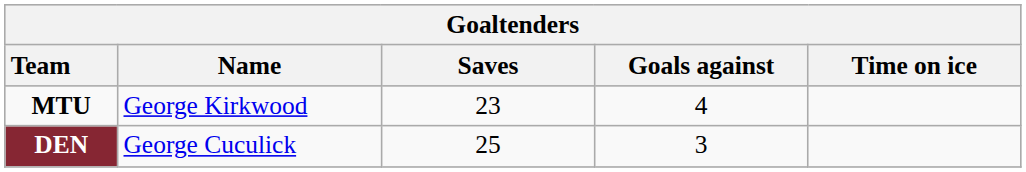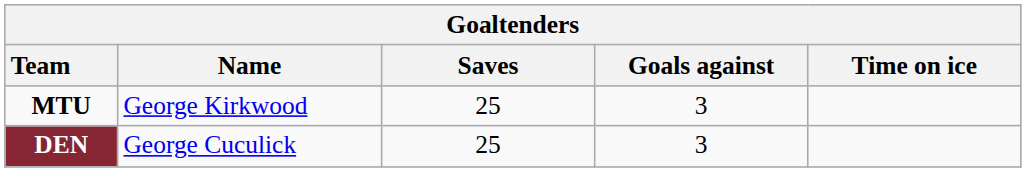 <table class="wikitable" style="width:40em; text-align:right;">
 <tr>
 <th colspan=5>Goaltenders</th>
 </tr>
 <tr>
 <th style="width:4em; text-align:left;">Team</th>
 <th style="width:10em;">Name</th>
 <th style="width:8em;">Saves</th>
 <th style="width:8em;">Goals against</th>
 <th style="width:8em;">Time on ice</th>
 </tr>
 <tr>
 <td align=center><strong>MTU</strong></td>
 <td style="text-align:left;"><a href='#'>George Kirkwood</a></td>
-<td align=center>23</td>
-<td align=center>4</td>
+<td align=center>25</td>
+<td align=center>3</td>
 <td align=center></td>
 </tr>
 <tr>
 <td align=center style="color:white; background:#862633; "><strong>DEN</strong></td>
 <td style="text-align:left;"><a href='#'>George Cuculick</a></td>
 <td align=center>25</td>
 <td align=center>3</td>
 <td align=center></td>
 </tr>
 </table>
